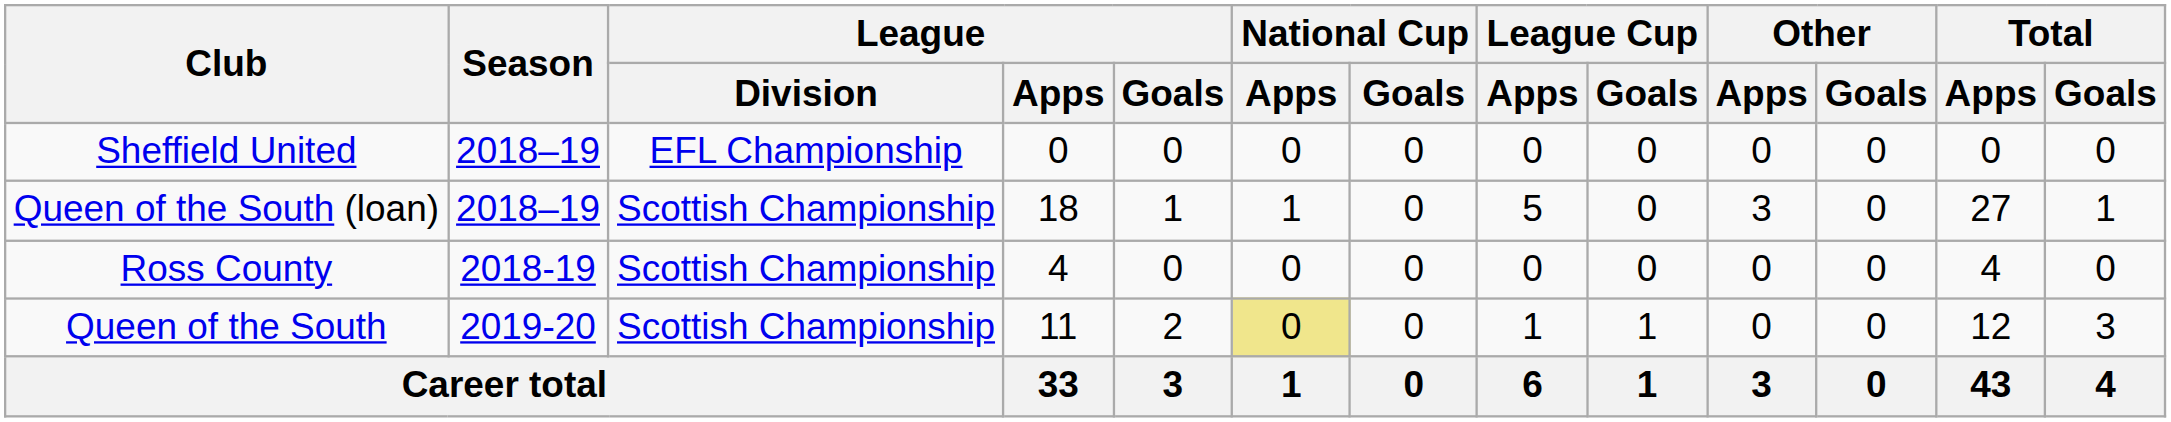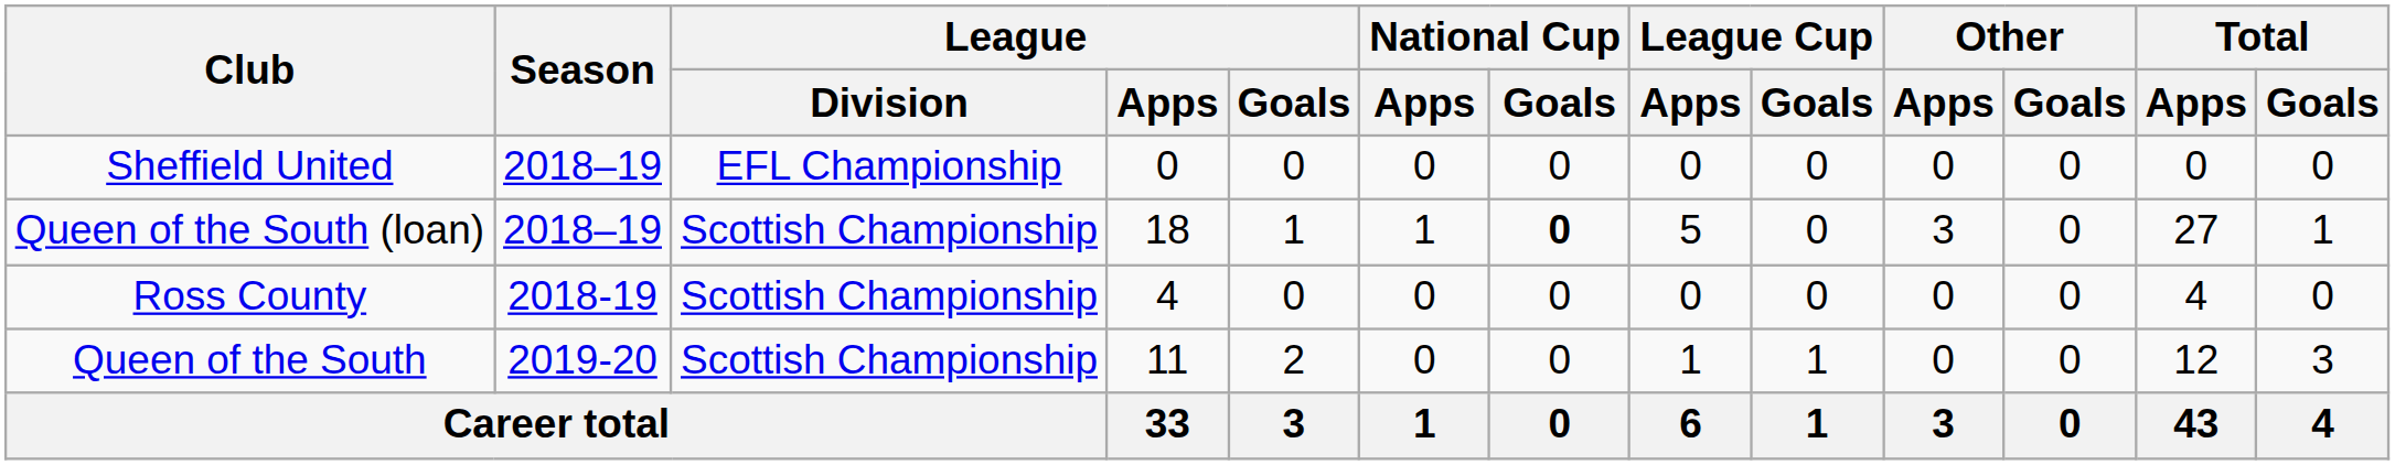 <table class="wikitable" style="text-align: center">
 <tr>
 <th rowspan="2">Club</th>
 <th rowspan="2">Season</th>
 <th colspan="3">League</th>
 <th colspan="2">National Cup</th>
 <th colspan="2">League Cup</th>
 <th colspan="2">Other</th>
 <th colspan="2">Total</th>
 </tr>
 <tr>
 <th>Division</th>
 <th>Apps</th>
 <th>Goals</th>
 <th>Apps</th>
 <th>Goals</th>
 <th>Apps</th>
 <th>Goals</th>
 <th>Apps</th>
 <th>Goals</th>
 <th>Apps</th>
 <th>Goals</th>
 </tr>
 <tr>
 <td rowspan="1"><a href='#'>Sheffield United</a></td>
 <td><a href='#'>2018–19</a></td>
 <td><a href='#'>EFL Championship</a></td>
 <td>0</td>
 <td>0</td>
 <td>0</td>
 <td>0</td>
 <td>0</td>
 <td>0</td>
 <td>0</td>
 <td>0</td>
 <td>0</td>
 <td>0</td>
 </tr>
 <tr>
 <td><a href='#'>Queen of the South</a> (loan)</td>
 <td><a href='#'>2018–19</a></td>
 <td><a href='#'>Scottish Championship</a></td>
 <td>18</td>
 <td>1</td>
 <td>1</td>
-<td>0</td>
+<td><strong>0</strong></td>
 <td>5</td>
 <td>0</td>
 <td>3</td>
 <td>0</td>
 <td>27</td>
 <td>1</td>
 </tr>
 <tr>
 <td><a href='#'>Ross County</a></td>
 <td><a href='#'>2018-19</a></td>
 <td><a href='#'>Scottish Championship</a></td>
 <td>4</td>
 <td>0</td>
 <td>0</td>
 <td>0</td>
 <td>0</td>
 <td>0</td>
 <td>0</td>
 <td>0</td>
 <td>4</td>
 <td>0</td>
 </tr>
 <tr>
 <td><a href='#'>Queen of the South</a></td>
 <td><a href='#'>2019-20</a></td>
 <td><a href='#'>Scottish Championship</a></td>
 <td>11</td>
 <td>2</td>
-<td style="background: khaki;">0</td>
+<td>0</td>
 <td>0</td>
 <td>1</td>
 <td>1</td>
 <td>0</td>
 <td>0</td>
 <td>12</td>
 <td>3</td>
 </tr>
 <tr>
 <th colspan="3">Career total</th>
 <th>33</th>
 <th>3</th>
 <th>1</th>
 <th>0</th>
 <th>6</th>
 <th>1</th>
 <th>3</th>
 <th>0</th>
 <th>43</th>
 <th>4</th>
 </tr>
 </table>
